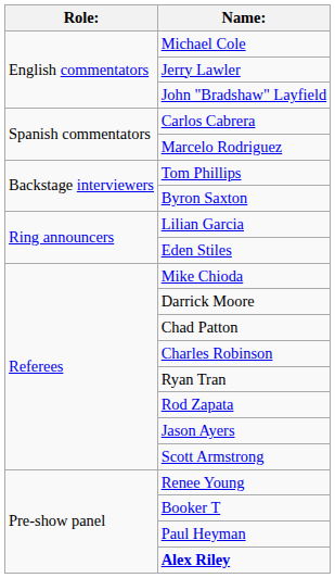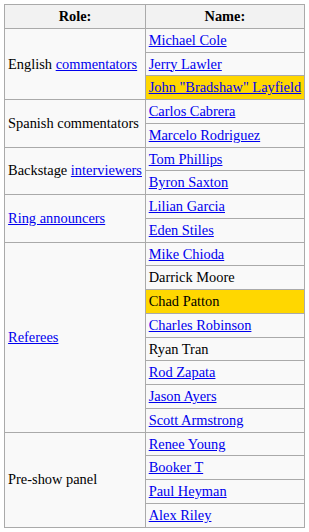 <table class=wikitable style="font-size:90%; margin: 0.5em 0 0.5em 1em; float: right; clear: right;">
 <tr>
 <th>Role:</th>
 <th>Name:</th>
 </tr>
 <tr>
 <td rowspan=3>English <a href='#'>commentators</a></td>
 <td><a href='#'>Michael Cole</a></td>
 </tr>
 <tr>
 <td><a href='#'>Jerry Lawler</a></td>
 </tr>
 <tr>
-<td><a href='#'>John "Bradshaw" Layfield</a></td>
+<td style="background: gold;"><a href='#'>John "Bradshaw" Layfield</a></td>
 </tr>
 <tr>
 <td rowspan=2>Spanish commentators</td>
 <td><a href='#'>Carlos Cabrera</a></td>
 </tr>
 <tr>
 <td><a href='#'>Marcelo Rodriguez</a></td>
 </tr>
 <tr>
 <td rowspan=2>Backstage <a href='#'>interviewers</a></td>
 <td><a href='#'>Tom Phillips</a></td>
 </tr>
 <tr>
 <td><a href='#'>Byron Saxton</a></td>
 </tr>
 <tr>
 <td rowspan=2><a href='#'>Ring announcers</a></td>
 <td><a href='#'>Lilian Garcia</a></td>
 </tr>
 <tr>
 <td><a href='#'>Eden Stiles</a></td>
 </tr>
 <tr>
 <td rowspan=8><a href='#'>Referees</a></td>
 <td><a href='#'>Mike Chioda</a></td>
 </tr>
 <tr>
 <td>Darrick Moore</td>
 </tr>
 <tr>
-<td>Chad Patton</td>
+<td style="background: gold;">Chad Patton</td>
 </tr>
 <tr>
 <td><a href='#'>Charles Robinson</a></td>
 </tr>
 <tr>
 <td>Ryan Tran</td>
 </tr>
 <tr>
 <td><a href='#'>Rod Zapata</a></td>
 </tr>
 <tr>
 <td><a href='#'>Jason Ayers</a></td>
 </tr>
 <tr>
 <td><a href='#'>Scott Armstrong</a></td>
 </tr>
 <tr>
 <td rowspan=4>Pre-show panel</td>
 <td><a href='#'>Renee Young</a></td>
 </tr>
 <tr>
 <td><a href='#'>Booker T</a></td>
 </tr>
 <tr>
 <td><a href='#'>Paul Heyman</a></td>
 </tr>
 <tr>
-<td><strong><a href='#'>Alex Riley</a></strong></td>
+<td><a href='#'>Alex Riley</a></td>
 </tr>
 </table>
